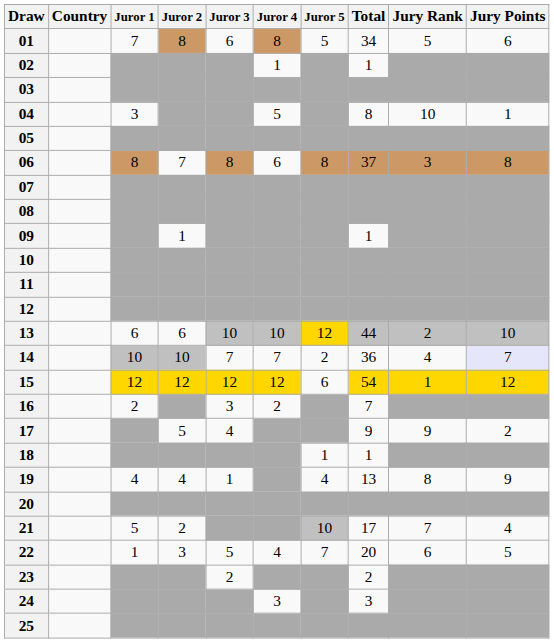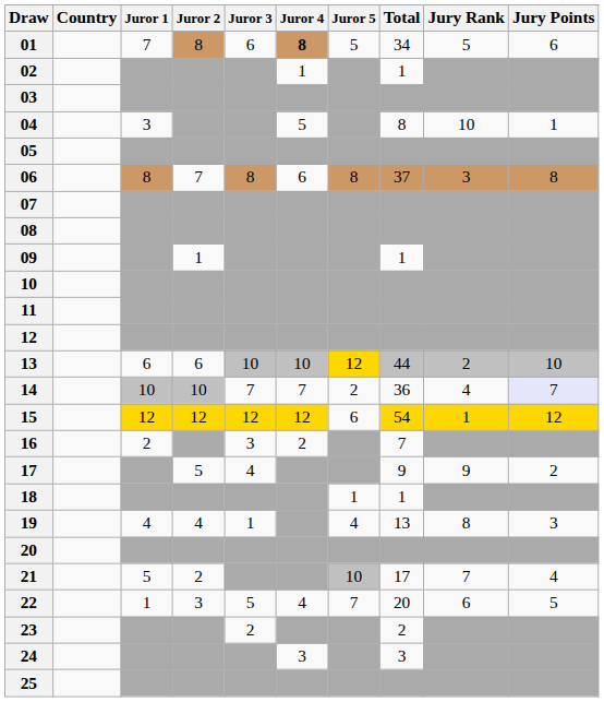 <table class="sortable wikitable collapsible plainrowheaders" style="text-align:center;">
 <tr>
 </tr>
 <tr>
 <th scope="col">Draw</th>
 <th scope="col">Country</th>
 <th scope="col"><small>Juror 1</small></th>
 <th scope="col"><small>Juror 2</small></th>
 <th scope="col"><small>Juror 3</small></th>
 <th scope="col"><small>Juror 4</small></th>
 <th scope="col"><small>Juror 5</small></th>
 <th scope="col">Total</th>
 <th scope="col">Jury Rank</th>
 <th scope="col">Jury Points</th>
 </tr>
 <tr>
 <th scope="row" style="text-align:center;">01</th>
 <td align="left"></td>
 <td>7</td>
 <td style="background:#CC9966;">8</td>
 <td>6</td>
-<td style="background:#CC9966;">8</td>
+<td style="background:#CC9966;"><strong>8</strong></td>
 <td>5</td>
 <td>34</td>
 <td>5</td>
 <td>6</td>
 </tr>
 <tr>
 <th scope="row" style="text-align:center;">02</th>
 <td align="left"></td>
 <td style="background:#AAAAAA;"></td>
 <td style="background:#AAAAAA;"></td>
 <td style="background:#AAAAAA;"></td>
 <td>1</td>
 <td style="background:#AAAAAA;"></td>
 <td>1</td>
 <td style="background:#AAAAAA;"></td>
 <td style="background:#AAAAAA;"></td>
 </tr>
 <tr>
 <th scope="row" style="text-align:center;">03</th>
 <td align="left"></td>
 <td style="background:#AAAAAA;"></td>
 <td style="background:#AAAAAA;"></td>
 <td style="background:#AAAAAA;"></td>
 <td style="background:#AAAAAA;"></td>
 <td style="background:#AAAAAA;"></td>
 <td style="background:#AAAAAA;"></td>
 <td style="background:#AAAAAA;"></td>
 <td style="background:#AAAAAA;"></td>
 </tr>
 <tr>
 <th scope="row" style="text-align:center;">04</th>
 <td align="left"></td>
 <td>3</td>
 <td style="background:#AAAAAA;"></td>
 <td style="background:#AAAAAA;"></td>
 <td>5</td>
 <td style="background:#AAAAAA;"></td>
 <td>8</td>
 <td>10</td>
 <td>1</td>
 </tr>
 <tr>
 <th scope="row" style="text-align:center;">05</th>
 <td align="left"></td>
 <td style="background:#AAAAAA;"></td>
 <td style="background:#AAAAAA;"></td>
 <td style="background:#AAAAAA;"></td>
 <td style="background:#AAAAAA;"></td>
 <td style="background:#AAAAAA;"></td>
 <td style="background:#AAAAAA;"></td>
 <td style="background:#AAAAAA;"></td>
 <td style="background:#AAAAAA;"></td>
 </tr>
 <tr>
 <th scope="row" style="text-align:center;">06</th>
 <td align="left"></td>
 <td style="background:#CC9966;">8</td>
 <td>7</td>
 <td style="background:#CC9966;">8</td>
 <td>6</td>
 <td style="background:#CC9966;">8</td>
 <td style="background:#CC9966;">37</td>
 <td style="background:#CC9966;">3</td>
 <td style="background:#CC9966;">8</td>
 </tr>
 <tr>
 <th scope="row" style="text-align:center;">07</th>
 <td align="left"></td>
 <td style="background:#AAAAAA;"></td>
 <td style="background:#AAAAAA;"></td>
 <td style="background:#AAAAAA;"></td>
 <td style="background:#AAAAAA;"></td>
 <td style="background:#AAAAAA;"></td>
 <td style="background:#AAAAAA;"></td>
 <td style="background:#AAAAAA;"></td>
 <td style="background:#AAAAAA;"></td>
 </tr>
 <tr>
 <th scope="row" style="text-align:center;">08</th>
 <td align="left"></td>
 <td style="background:#AAAAAA;"></td>
 <td style="background:#AAAAAA;"></td>
 <td style="background:#AAAAAA;"></td>
 <td style="background:#AAAAAA;"></td>
 <td style="background:#AAAAAA;"></td>
 <td style="background:#AAAAAA;"></td>
 <td style="background:#AAAAAA;"></td>
 <td style="background:#AAAAAA;"></td>
 </tr>
 <tr>
 <th scope="row" style="text-align:center;">09</th>
 <td align="left"></td>
 <td style="background:#AAAAAA;"></td>
 <td>1</td>
 <td style="background:#AAAAAA;"></td>
 <td style="background:#AAAAAA;"></td>
 <td style="background:#AAAAAA;"></td>
 <td>1</td>
 <td style="background:#AAAAAA;"></td>
 <td style="background:#AAAAAA;"></td>
 </tr>
 <tr>
 <th scope="row" style="text-align:center;">10</th>
 <td align="left"></td>
 <td style="background:#AAAAAA;"></td>
 <td style="background:#AAAAAA;"></td>
 <td style="background:#AAAAAA;"></td>
 <td style="background:#AAAAAA;"></td>
 <td style="background:#AAAAAA;"></td>
 <td style="background:#AAAAAA;"></td>
 <td style="background:#AAAAAA;"></td>
 <td style="background:#AAAAAA;"></td>
 </tr>
 <tr>
 <th scope="row" style="text-align:center;">11</th>
 <td align="left"></td>
 <td style="background:#AAAAAA;"></td>
 <td style="background:#AAAAAA;"></td>
 <td style="background:#AAAAAA;"></td>
 <td style="background:#AAAAAA;"></td>
 <td style="background:#AAAAAA;"></td>
 <td style="background:#AAAAAA;"></td>
 <td style="background:#AAAAAA;"></td>
 <td style="background:#AAAAAA;"></td>
 </tr>
 <tr>
 <th scope="row" style="text-align:center;">12</th>
 <td align="left"></td>
 <td style="background:#AAAAAA;"></td>
 <td style="background:#AAAAAA;"></td>
 <td style="background:#AAAAAA;"></td>
 <td style="background:#AAAAAA;"></td>
 <td style="background:#AAAAAA;"></td>
 <td style="background:#AAAAAA;"></td>
 <td style="background:#AAAAAA;"></td>
 <td style="background:#AAAAAA;"></td>
 </tr>
 <tr>
 <th scope="row" style="text-align:center;">13</th>
 <td align="left"></td>
 <td>6</td>
 <td>6</td>
 <td style="background:silver;">10</td>
 <td style="background:silver;">10</td>
 <td style="background:gold;">12</td>
 <td style="background:silver;">44</td>
 <td style="background:silver;">2</td>
 <td style="background:silver;">10</td>
 </tr>
 <tr>
 <th scope="row" style="text-align:center;">14</th>
 <td align="left"></td>
 <td style="background:silver;">10</td>
 <td style="background:silver;">10</td>
 <td>7</td>
 <td>7</td>
 <td>2</td>
 <td>36</td>
 <td>4</td>
 <td style="background: lavender;">7</td>
 </tr>
 <tr>
 <th scope="row" style="text-align:center;">15</th>
 <td align="left"></td>
 <td style="background:gold;">12</td>
 <td style="background:gold;">12</td>
 <td style="background:gold;">12</td>
 <td style="background:gold;">12</td>
 <td>6</td>
 <td style="background:gold;">54</td>
 <td style="background:gold;">1</td>
 <td style="background:gold;">12</td>
 </tr>
 <tr>
 <th scope="row" style="text-align:center;">16</th>
 <td align="left"></td>
 <td>2</td>
 <td style="background:#AAAAAA;"></td>
 <td>3</td>
 <td>2</td>
 <td style="background:#AAAAAA;"></td>
 <td>7</td>
 <td style="background:#AAAAAA;"></td>
 <td style="background:#AAAAAA;"></td>
 </tr>
 <tr>
 <th scope="row" style="text-align:center;">17</th>
 <td align="left"></td>
 <td style="background:#AAAAAA;"></td>
 <td>5</td>
 <td>4</td>
 <td style="background:#AAAAAA;"></td>
 <td style="background:#AAAAAA;"></td>
 <td>9</td>
 <td>9</td>
 <td>2</td>
 </tr>
 <tr>
 <th scope="row" style="text-align:center;">18</th>
 <td align="left"></td>
 <td style="background:#AAAAAA;"></td>
 <td style="background:#AAAAAA;"></td>
 <td style="background:#AAAAAA;"></td>
 <td style="background:#AAAAAA;"></td>
 <td>1</td>
 <td>1</td>
 <td style="background:#AAAAAA;"></td>
 <td style="background:#AAAAAA;"></td>
 </tr>
 <tr>
 <th scope="row" style="text-align:center;">19</th>
 <td align="left"></td>
 <td>4</td>
 <td>4</td>
 <td>1</td>
 <td style="background:#AAAAAA;"></td>
 <td>4</td>
 <td>13</td>
 <td>8</td>
-<td>9</td>
+<td>3</td>
 </tr>
 <tr>
 <th scope="row" style="text-align:center;">20</th>
 <td align="left"></td>
 <td style="background:#AAAAAA;"></td>
 <td style="background:#AAAAAA;"></td>
 <td style="background:#AAAAAA;"></td>
 <td style="background:#AAAAAA;"></td>
 <td style="background:#AAAAAA;"></td>
 <td style="background:#AAAAAA;"></td>
 <td style="background:#AAAAAA;"></td>
 <td style="background:#AAAAAA;"></td>
 </tr>
 <tr>
 <th scope="row" style="text-align:center;">21</th>
 <td align="left"></td>
 <td>5</td>
 <td>2</td>
 <td style="background:#AAAAAA;"></td>
 <td style="background:#AAAAAA;"></td>
 <td style="background:silver;">10</td>
 <td>17</td>
 <td>7</td>
 <td>4</td>
 </tr>
 <tr>
 <th scope="row" style="text-align:center;">22</th>
 <td align="left"></td>
 <td>1</td>
 <td>3</td>
 <td>5</td>
 <td>4</td>
 <td>7</td>
 <td>20</td>
 <td>6</td>
 <td>5</td>
 </tr>
 <tr>
 <th scope="row" style="text-align:center;">23</th>
 <td align="left"></td>
 <td style="background:#AAAAAA;"></td>
 <td style="background:#AAAAAA;"></td>
 <td>2</td>
 <td style="background:#AAAAAA;"></td>
 <td style="background:#AAAAAA;"></td>
 <td>2</td>
 <td style="background:#AAAAAA;"></td>
 <td style="background:#AAAAAA;"></td>
 </tr>
 <tr>
 <th scope="row" style="text-align:center;">24</th>
 <td align="left"></td>
 <td style="background:#AAAAAA;"></td>
 <td style="background:#AAAAAA;"></td>
 <td style="background:#AAAAAA;"></td>
 <td>3</td>
 <td style="background:#AAAAAA;"></td>
 <td>3</td>
 <td style="background:#AAAAAA;"></td>
 <td style="background:#AAAAAA;"></td>
 </tr>
 <tr>
 <th scope="row" style="text-align:center;">25</th>
 <td align="left"></td>
 <td style="background:#AAAAAA;"></td>
 <td style="background:#AAAAAA;"></td>
 <td style="background:#AAAAAA;"></td>
 <td style="background:#AAAAAA;"></td>
 <td style="background:#AAAAAA;"></td>
 <td style="background:#AAAAAA;"></td>
 <td style="background:#AAAAAA;"></td>
 <td style="background:#AAAAAA;"></td>
 </tr>
 </table>
